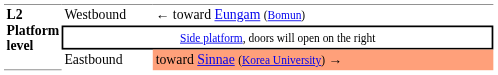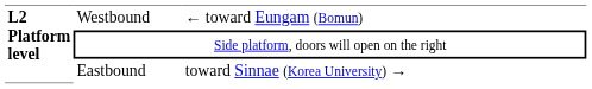 <table table border=0 cellspacing=0 cellpadding=3>
 <tr>
 <td style="border-top:solid 1px gray;border-bottom:solid 1px gray;" width=50 rowspan=10 valign=top><strong>L2<br>Platform level</strong></td>
 <td style="border-bottom:solid 0px gray;border-top:solid 1px gray;" width=100>Westbound</td>
 <td style="border-bottom:solid 0px gray;border-top:solid 1px gray;" width=390>←  toward <a href='#'>Eungam</a> <small>(<a href='#'>Bomun</a>)</small></td>
 </tr>
 <tr>
 <td style="border-top:solid 2px black;border-right:solid 2px black;border-left:solid 2px black;border-bottom:solid 2px black;text-align:center;" colspan=2><small><a href='#'>Side platform</a>, doors will open on the right </small></td>
 </tr>
 <tr>
 <td>Eastbound</td>
-<td style="background: lightsalmon;">  toward <a href='#'>Sinnae</a> <small>(<a href='#'>Korea University</a>)</small> →</td>
+<td>  toward <a href='#'>Sinnae</a> <small>(<a href='#'>Korea University</a>)</small> →</td>
 </tr>
 </table>
